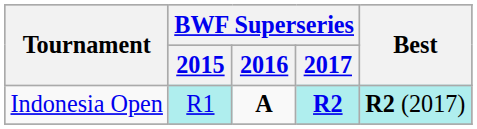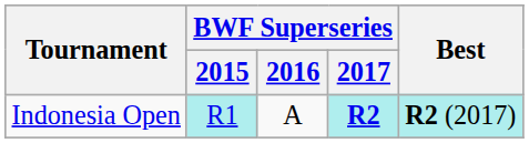 <table style='font-size: 90%; text-align:center;' class='wikitable'>
 <tr>
 <th rowspan="2">Tournament</th>
 <th colspan="3"><strong><a href='#'>BWF Superseries</a></strong></th>
 <th rowspan="2">Best</th>
 </tr>
 <tr>
 <th><a href='#'>2015</a></th>
 <th><a href='#'>2016</a></th>
 <th><a href='#'>2017</a></th>
 </tr>
 <tr>
 <td align=left><a href='#'>Indonesia Open</a></td>
 <td bgcolor=AFEEEE><a href='#'>R1</a></td>
-<td><strong>A</strong></td>
+<td>A</td>
 <td bgcolor=AFEEEE><a href='#'><strong>R2</strong></a></td>
 <td bgcolor=AFEEEE><strong>R2</strong> (2017)</td>
 </tr>
 </table>
